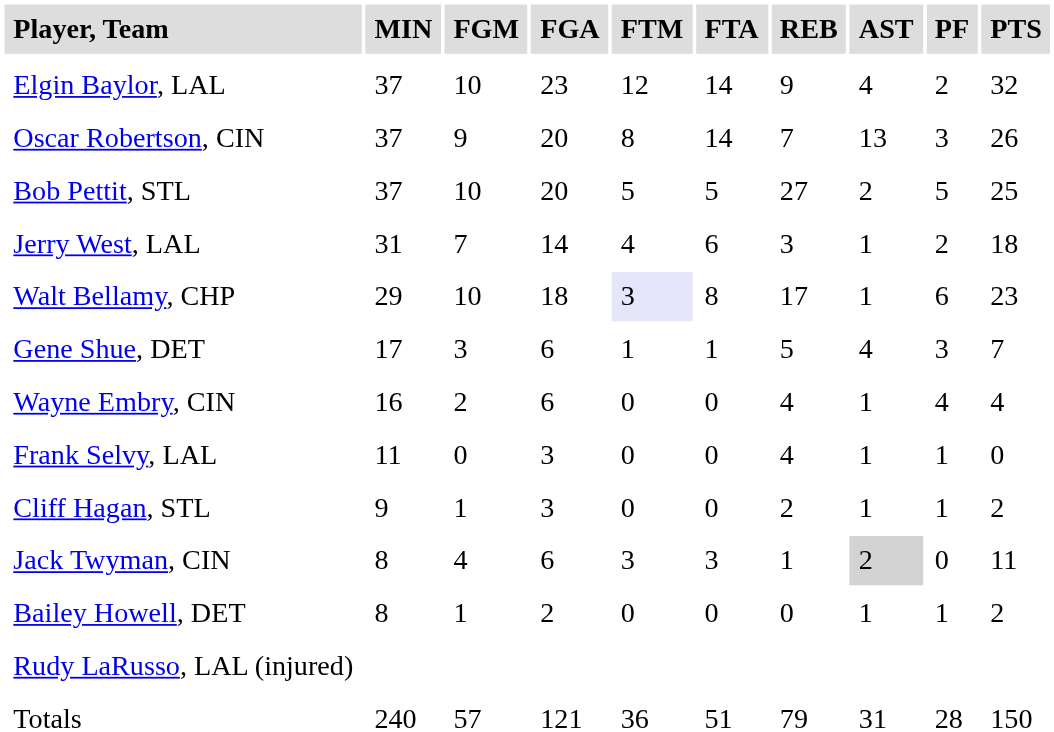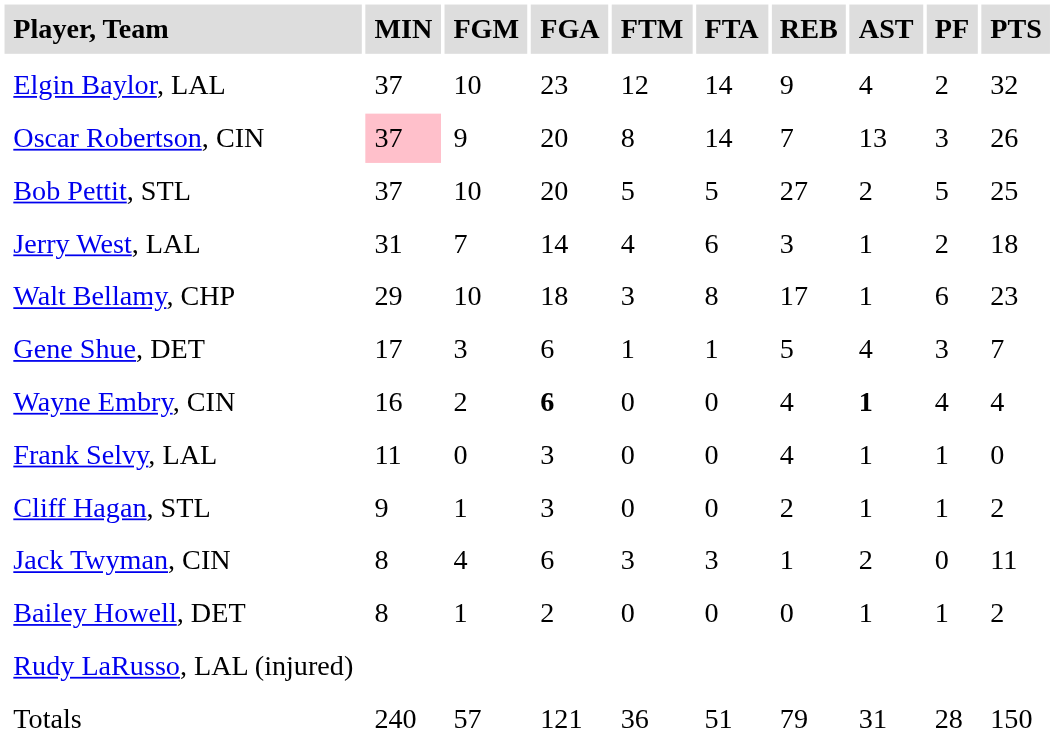 <table cellpadding=5>
 <tr bgcolor="#dddddd">
 <td><strong>Player, Team</strong></td>
 <td><strong>MIN</strong></td>
 <td><strong>FGM</strong></td>
 <td><strong>FGA</strong></td>
 <td><strong>FTM</strong></td>
 <td><strong>FTA</strong></td>
 <td><strong>REB</strong></td>
 <td><strong>AST</strong></td>
 <td><strong>PF</strong></td>
 <td><strong>PTS</strong></td>
 </tr>
 <tr bgcolor="#eeeeee">
 </tr>
 <tr>
 <td><a href='#'>Elgin Baylor</a>, LAL</td>
 <td>37</td>
 <td>10</td>
 <td>23</td>
 <td>12</td>
 <td>14</td>
 <td>9</td>
 <td>4</td>
 <td>2</td>
 <td>32</td>
 </tr>
 <tr>
 <td><a href='#'>Oscar Robertson</a>, CIN</td>
-<td>37</td>
+<td style="background: pink;">37</td>
 <td>9</td>
 <td>20</td>
 <td>8</td>
 <td>14</td>
 <td>7</td>
 <td>13</td>
 <td>3</td>
 <td>26</td>
 </tr>
 <tr>
 <td><a href='#'>Bob Pettit</a>, STL</td>
 <td>37</td>
 <td>10</td>
 <td>20</td>
 <td>5</td>
 <td>5</td>
 <td>27</td>
 <td>2</td>
 <td>5</td>
 <td>25</td>
 </tr>
 <tr>
 <td><a href='#'>Jerry West</a>, LAL</td>
 <td>31</td>
 <td>7</td>
 <td>14</td>
 <td>4</td>
 <td>6</td>
 <td>3</td>
 <td>1</td>
 <td>2</td>
 <td>18</td>
 </tr>
 <tr>
 <td><a href='#'>Walt Bellamy</a>, CHP</td>
 <td>29</td>
 <td>10</td>
 <td>18</td>
-<td style="background: lavender;">3</td>
+<td>3</td>
 <td>8</td>
 <td>17</td>
 <td>1</td>
 <td>6</td>
 <td>23</td>
 </tr>
 <tr>
 <td><a href='#'>Gene Shue</a>, DET</td>
 <td>17</td>
 <td>3</td>
 <td>6</td>
 <td>1</td>
 <td>1</td>
 <td>5</td>
 <td>4</td>
 <td>3</td>
 <td>7</td>
 </tr>
 <tr>
 <td><a href='#'>Wayne Embry</a>, CIN</td>
 <td>16</td>
 <td>2</td>
-<td>6</td>
+<td><strong>6</strong></td>
 <td>0</td>
 <td>0</td>
 <td>4</td>
-<td>1</td>
+<td><strong>1</strong></td>
 <td>4</td>
 <td>4</td>
 </tr>
 <tr>
 <td><a href='#'>Frank Selvy</a>, LAL</td>
 <td>11</td>
 <td>0</td>
 <td>3</td>
 <td>0</td>
 <td>0</td>
 <td>4</td>
 <td>1</td>
 <td>1</td>
 <td>0</td>
 </tr>
 <tr>
 <td><a href='#'>Cliff Hagan</a>, STL</td>
 <td>9</td>
 <td>1</td>
 <td>3</td>
 <td>0</td>
 <td>0</td>
 <td>2</td>
 <td>1</td>
 <td>1</td>
 <td>2</td>
 </tr>
 <tr>
 <td><a href='#'>Jack Twyman</a>, CIN</td>
 <td>8</td>
 <td>4</td>
 <td>6</td>
 <td>3</td>
 <td>3</td>
 <td>1</td>
-<td style="background: lightgrey;">2</td>
+<td>2</td>
 <td>0</td>
 <td>11</td>
 </tr>
 <tr>
 <td><a href='#'>Bailey Howell</a>, DET</td>
 <td>8</td>
 <td>1</td>
 <td>2</td>
 <td>0</td>
 <td>0</td>
 <td>0</td>
 <td>1</td>
 <td>1</td>
 <td>2</td>
 </tr>
 <tr>
 <td><a href='#'>Rudy LaRusso</a>, LAL (injured)</td>
 </tr>
 <tr>
 <td>Totals</td>
 <td>240</td>
 <td>57</td>
 <td>121</td>
 <td>36</td>
 <td>51</td>
 <td>79</td>
 <td>31</td>
 <td>28</td>
 <td>150</td>
 </tr>
 <tr>
 </tr>
 </table>
